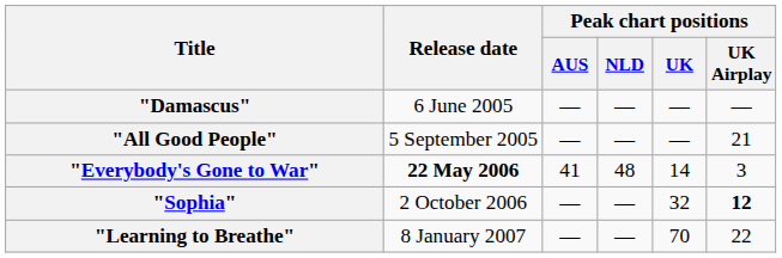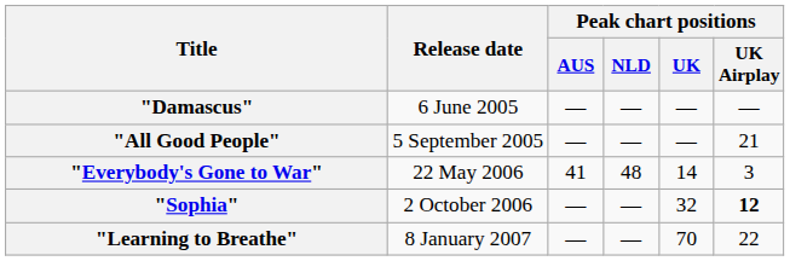 <table class="wikitable plainrowheaders" style="text-align:center">
 <tr>
 <th style="width:18em;" rowspan="2">Title</th>
 <th rowspan="2">Release date</th>
 <th colspan="4">Peak chart positions</th>
 </tr>
 <tr>
 <th style="width:2.5em; font-size:90%;"><a href='#'>AUS</a></th>
 <th style="width:2.5em; font-size:90%;"><a href='#'>NLD</a></th>
 <th style="width:2.5em; font-size:90%;"><a href='#'>UK</a></th>
 <th style="width:2.5em; font-size:90%;">UK Airplay</th>
 </tr>
 <tr>
 <th scope="row">"Damascus"</th>
 <td>6 June 2005</td>
 <td>—</td>
 <td>—</td>
 <td>—</td>
 <td>—</td>
 </tr>
 <tr>
 <th scope="row">"All Good People"</th>
 <td>5 September 2005</td>
 <td>—</td>
 <td>—</td>
 <td>—</td>
 <td>21</td>
 </tr>
 <tr>
 <th scope="row">"<a href='#'>Everybody's Gone to War</a>"</th>
-<td><strong>22 May 2006</strong></td>
+<td>22 May 2006</td>
 <td>41</td>
 <td>48</td>
 <td>14</td>
 <td>3</td>
 </tr>
 <tr>
 <th scope="row">"<a href='#'>Sophia</a>"</th>
 <td>2 October 2006</td>
 <td>—</td>
 <td>—</td>
 <td>32</td>
 <td><strong>12</strong></td>
 </tr>
 <tr>
 <th scope="row">"Learning to Breathe"</th>
 <td>8 January 2007</td>
 <td>—</td>
 <td>—</td>
 <td>70</td>
 <td>22</td>
 </tr>
 </table>
